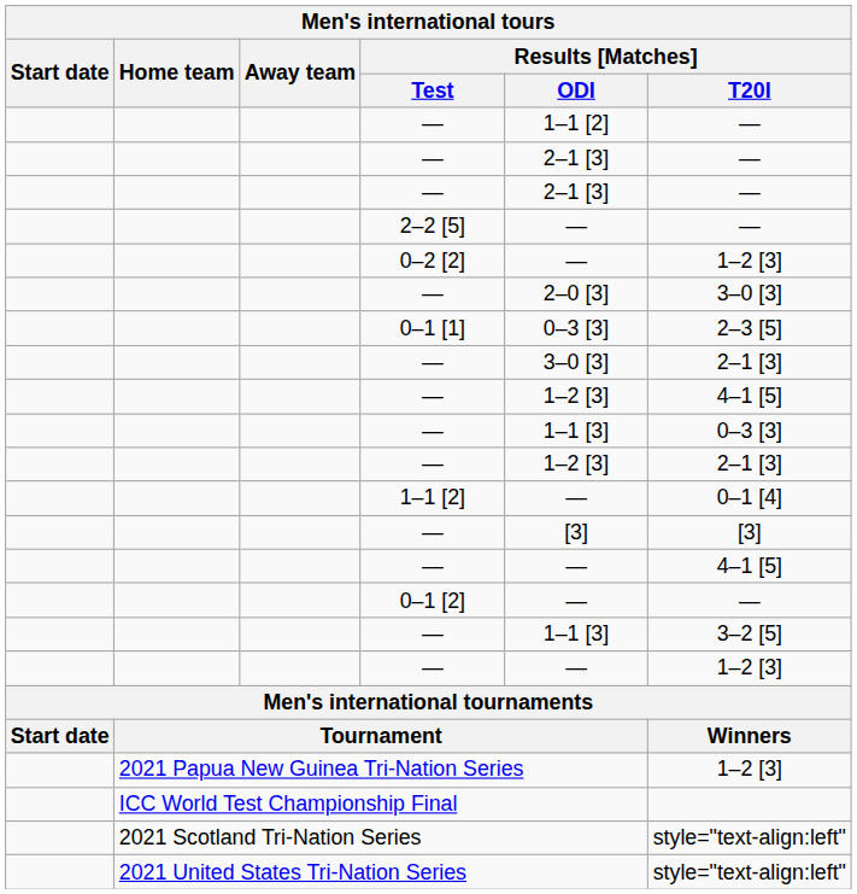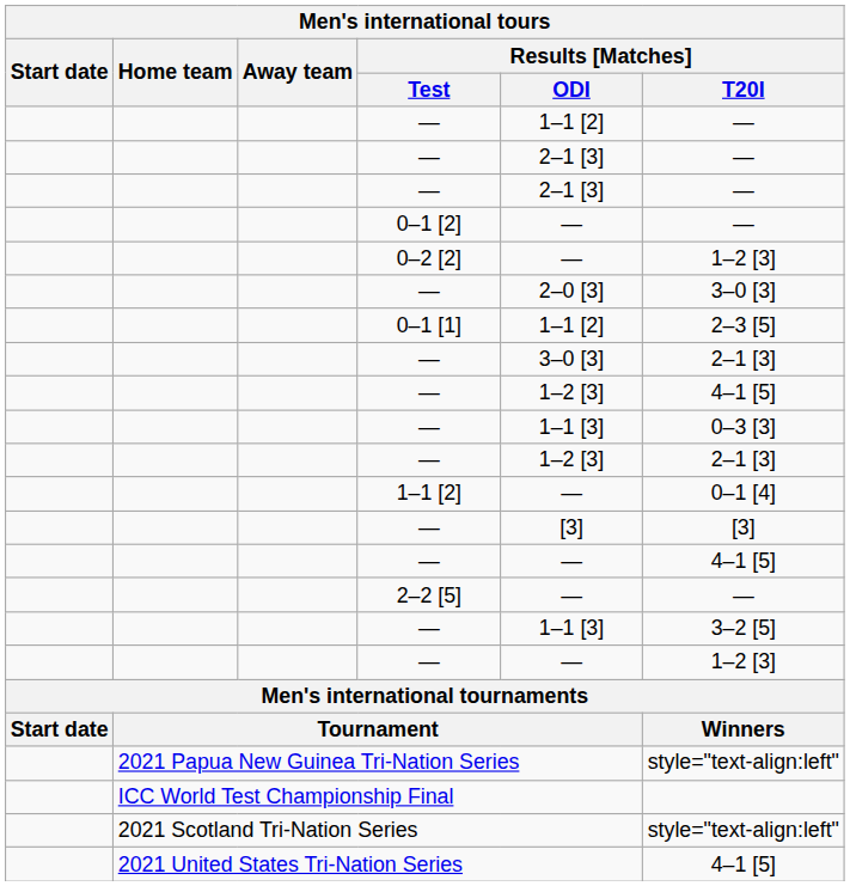 <table class="wikitable ubsortable" style="text-align:center; white-space:nowrap">
 <tr>
 <th colspan=6>Men's international tours</th>
 </tr>
 <tr>
 <th rowspan=2>Start date</th>
 <th rowspan=2>Home team</th>
 <th rowspan=2>Away team</th>
 <th colspan=3>Results [Matches]</th>
 </tr>
 <tr>
 <th width=100><a href='#'>Test</a></th>
 <th width=100><a href='#'>ODI</a></th>
 <th width=100><a href='#'>T20I</a></th>
 </tr>
 <tr>
 <td style="text-align:left"><a href='#'></a></td>
 <td style="text-align:left"></td>
 <td style="text-align:left"></td>
 <td>—</td>
 <td>1–1 [2]</td>
 <td>—</td>
 </tr>
 <tr>
 <td style="text-align:left"><a href='#'></a></td>
 <td style="text-align:left"></td>
 <td style="text-align:left"></td>
 <td>—</td>
 <td>2–1 [3]</td>
 <td>—</td>
 </tr>
 <tr>
 <td style="text-align:left"><a href='#'></a></td>
 <td style="text-align:left"></td>
 <td style="text-align:left"></td>
 <td>—</td>
 <td>2–1 [3]</td>
 <td>—</td>
 </tr>
 <tr>
 <td style="text-align:left"><a href='#'></a></td>
 <td style="text-align:left"></td>
 <td style="text-align:left"></td>
-<td>2–2 [5]</td>
+<td>0–1 [2]</td>
 <td>—</td>
 <td>—</td>
 </tr>
 <tr>
 <td style="text-align:left"><a href='#'></a></td>
 <td style="text-align:left"></td>
 <td style="text-align:left"></td>
 <td>0–2 [2]</td>
 <td>—</td>
 <td>1–2 [3]</td>
 </tr>
 <tr>
 <td style="text-align:left"><a href='#'></a></td>
 <td style="text-align:left"></td>
 <td style="text-align:left"></td>
 <td>—</td>
 <td>2–0 [3]</td>
 <td>3–0 [3]</td>
 </tr>
 <tr>
 <td style="text-align:left"><a href='#'></a></td>
 <td style="text-align:left"></td>
 <td style="text-align:left"></td>
 <td>0–1 [1]</td>
-<td>0–3 [3]</td>
+<td>1–1 [2]</td>
 <td>2–3 [5]</td>
 </tr>
 <tr>
 <td style="text-align:left"><a href='#'></a></td>
 <td style="text-align:left"></td>
 <td style="text-align:left"></td>
 <td>—</td>
 <td>3–0 [3]</td>
 <td>2–1 [3]</td>
 </tr>
 <tr>
 <td style="text-align:left"><a href='#'></a></td>
 <td style="text-align:left"></td>
 <td style="text-align:left"></td>
 <td>—</td>
 <td>1–2 [3]</td>
 <td>4–1 [5]</td>
 </tr>
 <tr>
 <td style="text-align:left"><a href='#'></a></td>
 <td style="text-align:left"></td>
 <td style="text-align:left"></td>
 <td>—</td>
 <td>1–1 [3]</td>
 <td>0–3 [3]</td>
 </tr>
 <tr>
 <td style="text-align:left"><a href='#'></a></td>
 <td style="text-align:left"></td>
 <td style="text-align:left"></td>
 <td>—</td>
 <td>1–2 [3]</td>
 <td>2–1 [3]</td>
 </tr>
 <tr>
 <td style="text-align:left"><a href='#'></a></td>
 <td style="text-align:left"></td>
 <td style="text-align:left"></td>
 <td>1–1 [2]</td>
 <td>—</td>
 <td>0–1 [4]</td>
 </tr>
 <tr>
 <td style="text-align:left"><a href='#'></a></td>
 <td style="text-align:left"></td>
 <td style="text-align:left"></td>
 <td>—</td>
 <td>[3]</td>
 <td>[3]</td>
 </tr>
 <tr>
 <td style="text-align:left"><a href='#'></a></td>
 <td style="text-align:left"></td>
 <td style="text-align:left"></td>
 <td>—</td>
 <td>—</td>
 <td>4–1 [5]</td>
 </tr>
 <tr>
 <td style="text-align:left"><a href='#'></a></td>
 <td style="text-align:left"></td>
 <td style="text-align:left"></td>
-<td>0–1 [2]</td>
+<td>2–2 [5]</td>
 <td>—</td>
 <td>—</td>
 </tr>
 <tr>
 <td style="text-align:left"><a href='#'></a></td>
 <td style="text-align:left"></td>
 <td style="text-align:left"></td>
 <td>—</td>
 <td>1–1 [3]</td>
 <td>3–2 [5]</td>
 </tr>
 <tr>
 <td style="text-align:left"><a href='#'></a></td>
 <td style="text-align:left"></td>
 <td style="text-align:left"></td>
 <td>—</td>
 <td>—</td>
 <td>1–2 [3]</td>
 </tr>
 <tr>
 <th colspan=6>Men's international tournaments</th>
 </tr>
 <tr>
 <th>Start date</th>
 <th colspan=4>Tournament</th>
 <th>Winners</th>
 </tr>
 <tr>
 <td style="text-align:left"><a href='#'></a></td>
 <td style="text-align:left" colspan=4> <a href='#'>2021 Papua New Guinea Tri-Nation Series</a></td>
-<td>1–2 [3]</td>
+<td>style="text-align:left" </td>
 </tr>
 <tr>
 <td style="text-align:left"><a href='#'></a></td>
 <td style="text-align:left" colspan=4> <a href='#'>ICC World Test Championship Final</a></td>
 <td style="text-align:left"></td>
 </tr>
 <tr>
 <td style="text-align:left"><a href='#'></a></td>
 <td style="text-align:left" colspan=4>  2021 Scotland Tri-Nation Series</td>
 <td>style="text-align:left" </td>
 </tr>
 <tr>
 <td style="text-align:left"><a href='#'></a></td>
 <td style="text-align:left" colspan=4> <a href='#'>2021 United States Tri-Nation Series</a></td>
-<td>style="text-align:left" </td>
+<td>4–1 [5]</td>
 </tr>
 </table>
